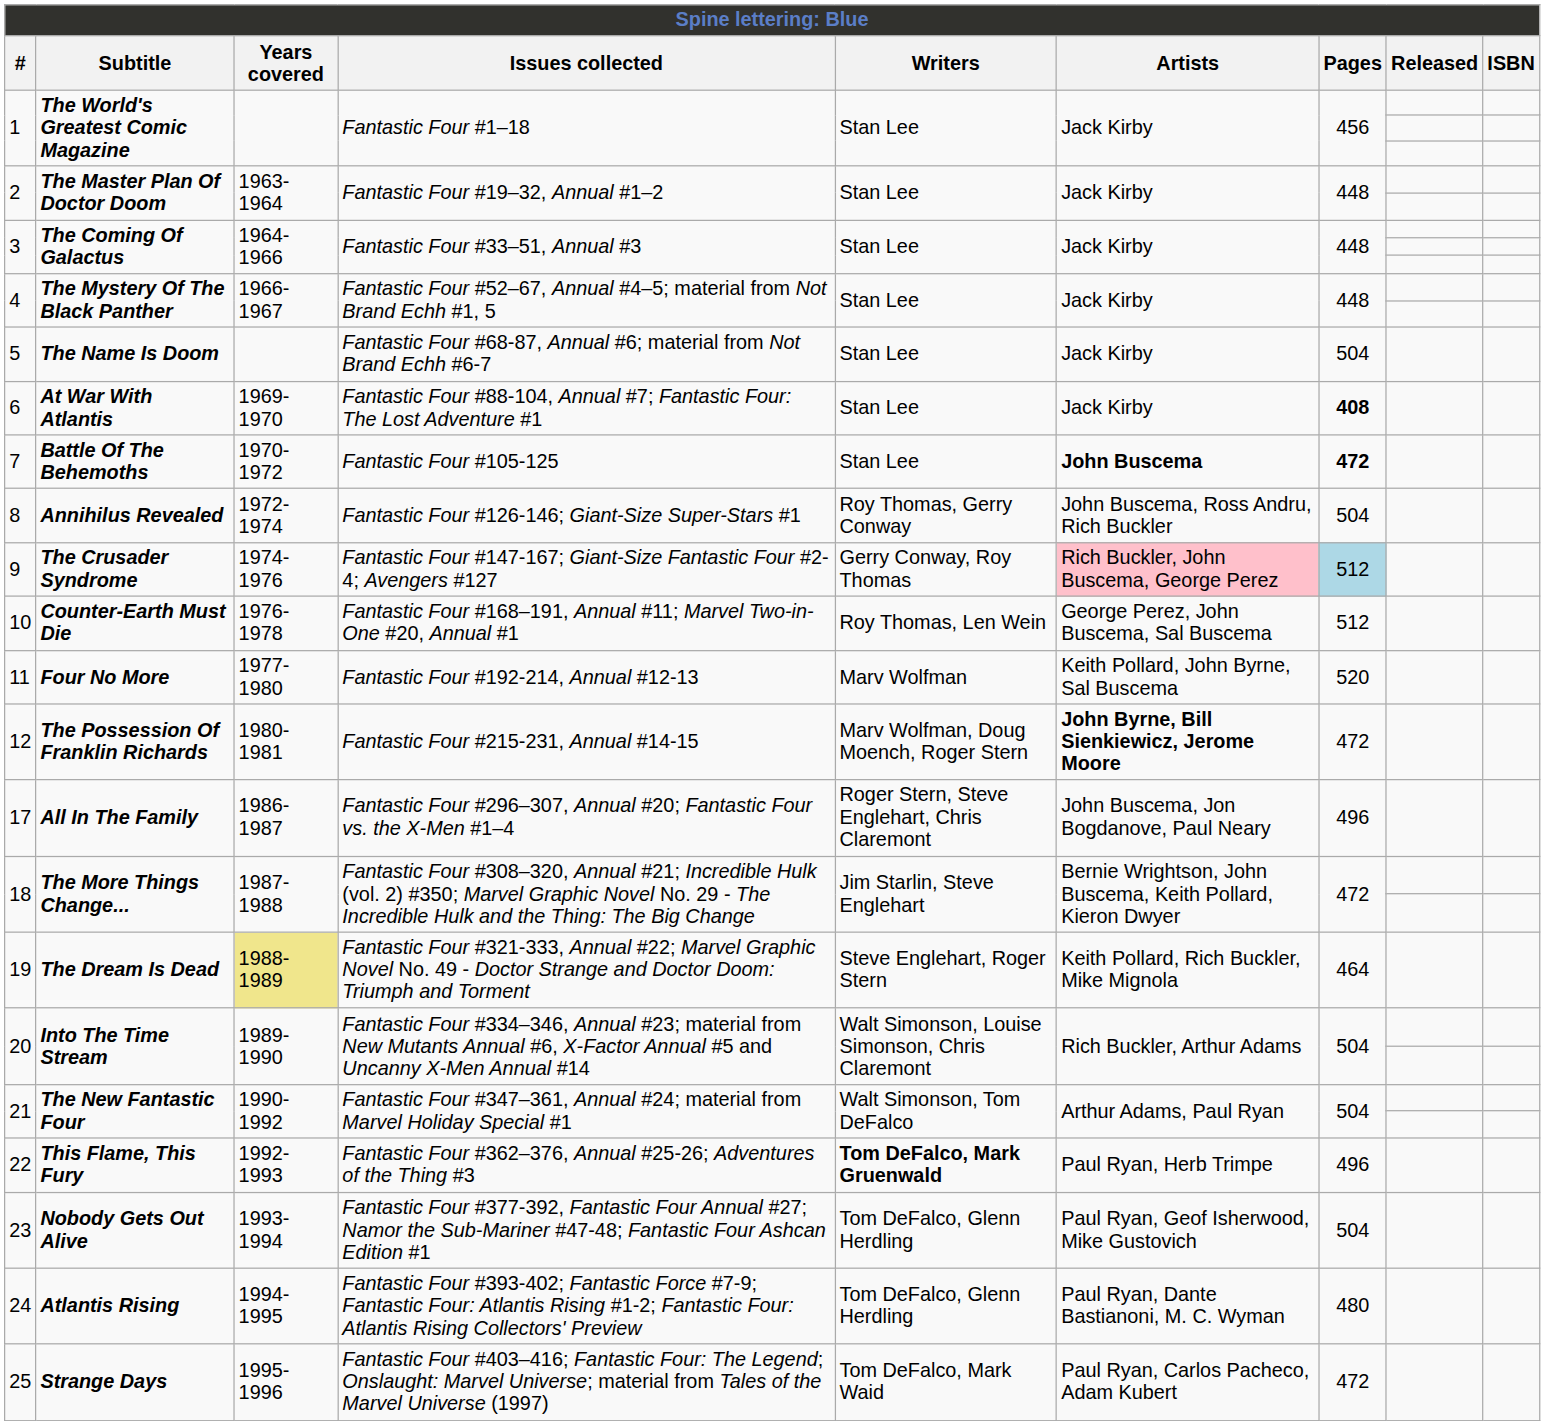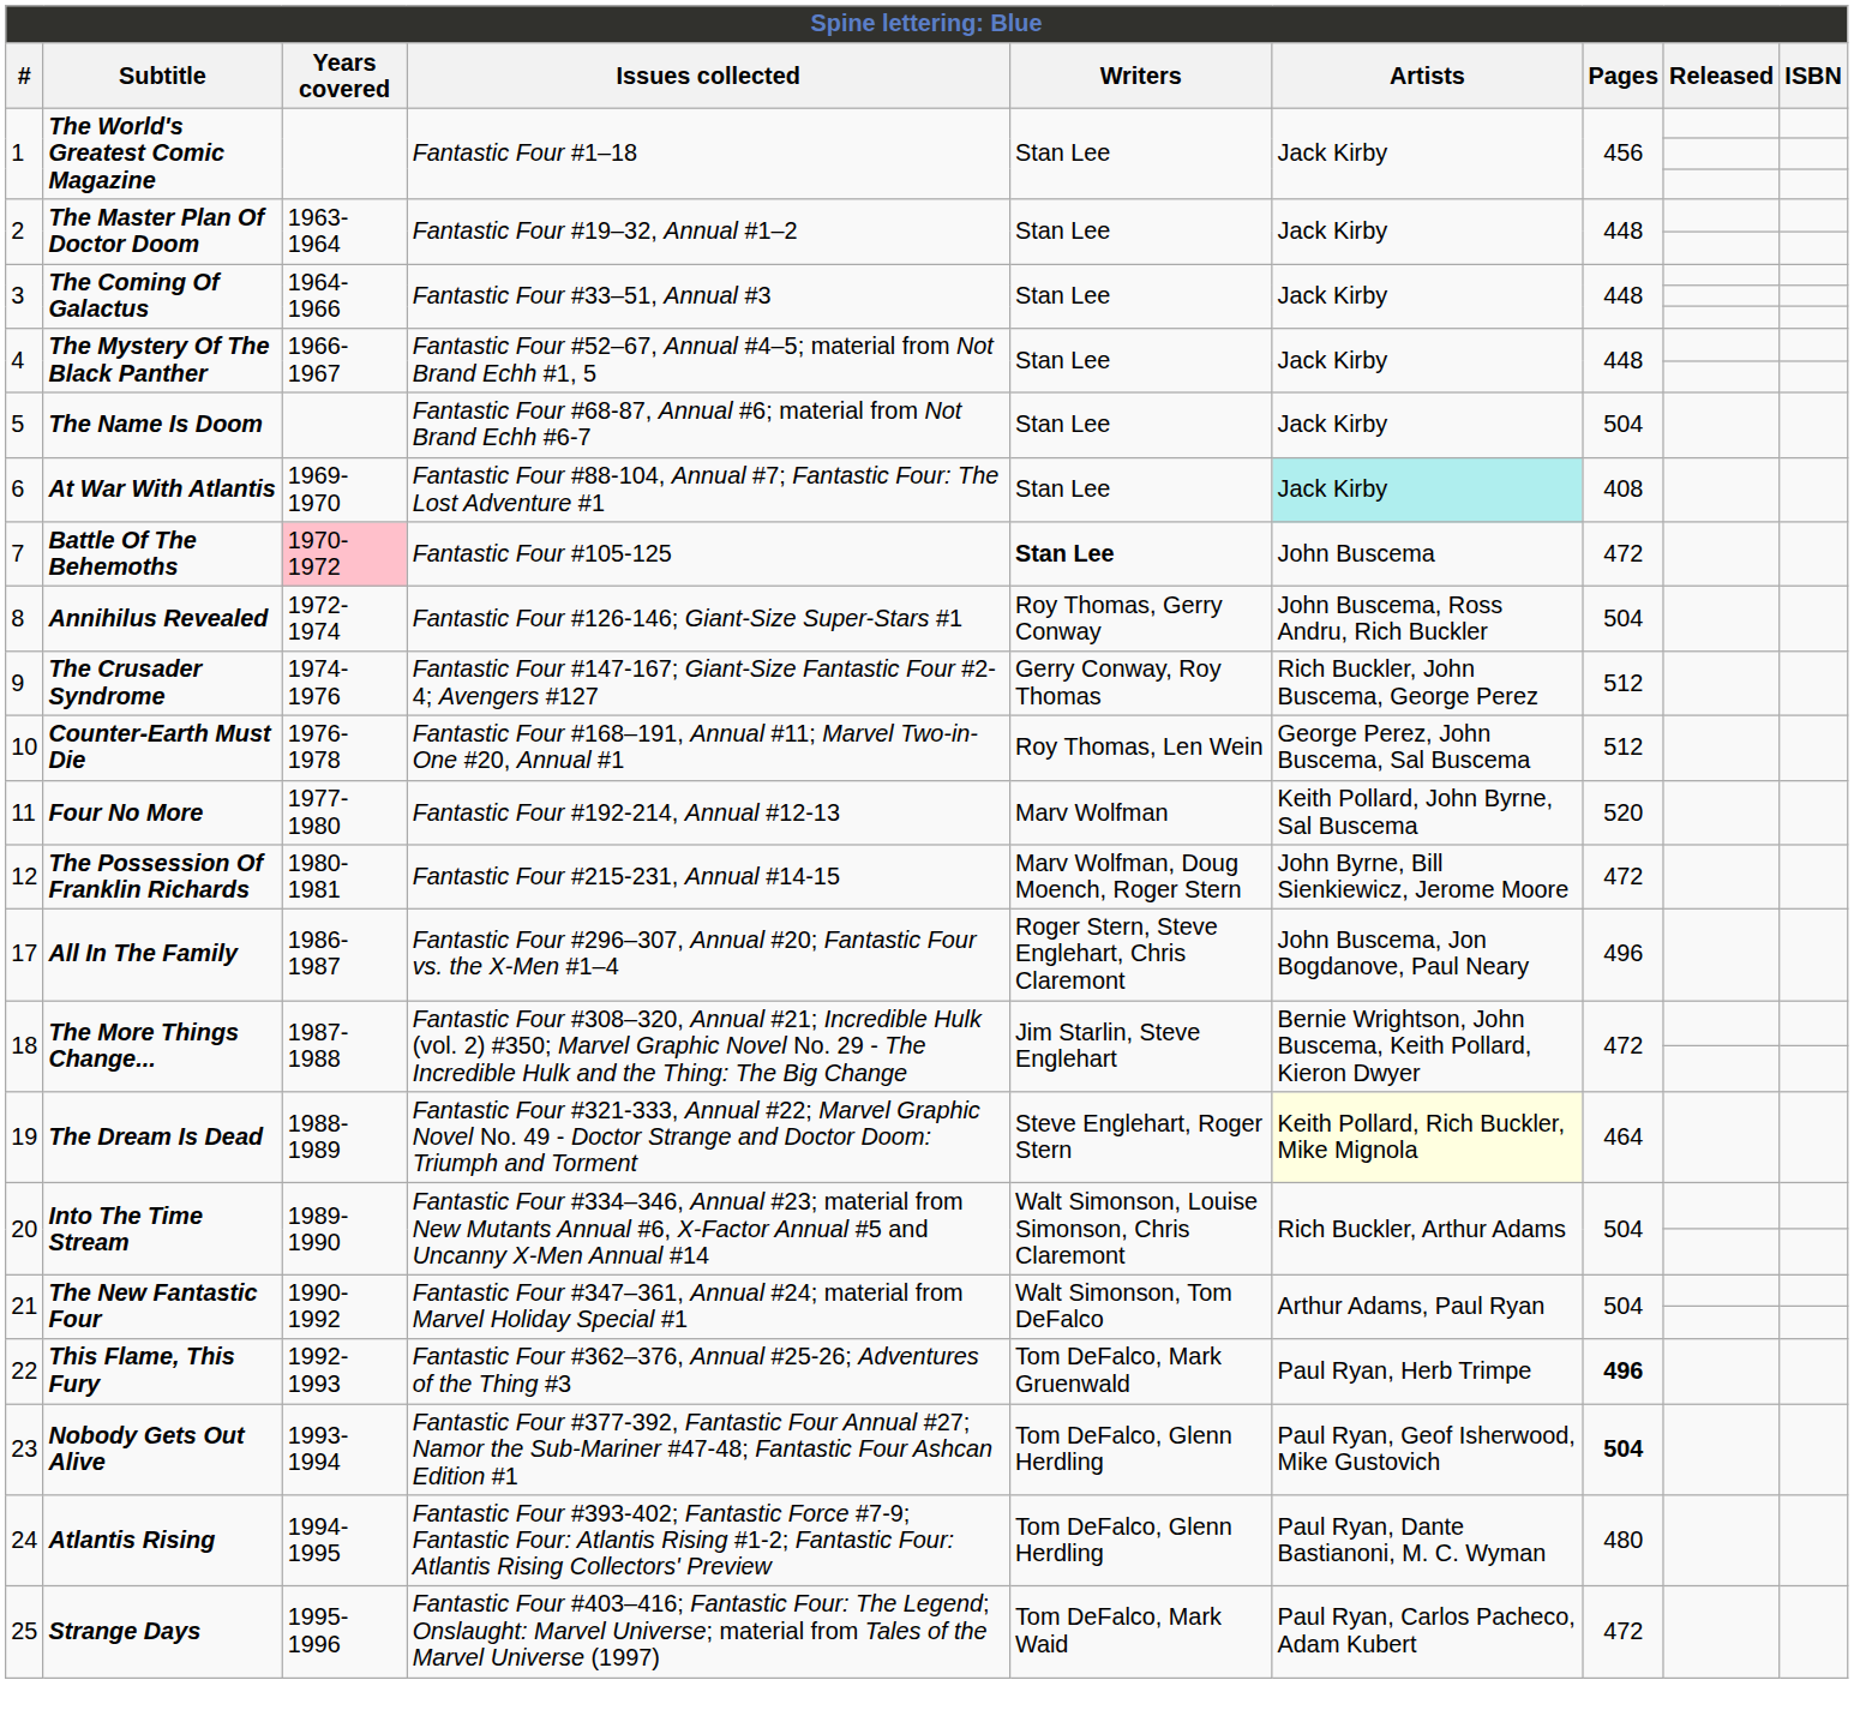 <table class="wikitable sortable" width=98%>
 <tr>
 <th colspan=9 style="background-color: #31312D; color: #5B7EC7;">Spine lettering: Blue</th>
 </tr>
 <tr>
 <th class="unsortable">#</th>
 <th class="unsortable">Subtitle</th>
 <th>Years covered</th>
 <th class="unsortable">Issues collected</th>
 <th class="unsortable">Writers</th>
 <th class="unsortable">Artists</th>
 <th class="unsortable">Pages</th>
 <th>Released</th>
 <th class="unsortable">ISBN</th>
 </tr>
 <tr>
 <td rowspan=3>1</td>
 <td rowspan=3><strong><em>The World's Greatest Comic Magazine</em></strong></td>
 <td rowspan=3></td>
 <td rowspan=3><em>Fantastic Four</em> #1–18</td>
 <td rowspan=3>Stan Lee</td>
 <td rowspan=3>Jack Kirby</td>
 <td style="text-align: center;" rowspan=3>456</td>
 <td></td>
 <td></td>
 </tr>
 <tr>
 <td></td>
 <td></td>
 </tr>
 <tr>
 <td></td>
 <td></td>
 </tr>
 <tr>
 <td rowspan=2>2</td>
 <td rowspan=2><strong><em>The Master Plan Of Doctor Doom</em></strong></td>
 <td rowspan=2>1963-1964</td>
 <td rowspan=2><em>Fantastic Four</em> #19–32, <em>Annual</em> #1–2</td>
 <td rowspan=2>Stan Lee</td>
 <td rowspan=2>Jack Kirby</td>
 <td style="text-align: center;" rowspan=2>448</td>
 <td></td>
 <td></td>
 </tr>
 <tr>
 <td></td>
 <td></td>
 </tr>
 <tr>
 <td rowspan=3>3</td>
 <td rowspan=3><strong><em>The Coming Of Galactus</em></strong></td>
 <td rowspan=3>1964-1966</td>
 <td rowspan=3><em>Fantastic Four</em> #33–51, <em>Annual</em> #3</td>
 <td rowspan=3>Stan Lee</td>
 <td rowspan=3>Jack Kirby</td>
 <td style="text-align: center;" rowspan=3>448</td>
 <td></td>
 <td></td>
 </tr>
 <tr>
 <td></td>
 <td></td>
 </tr>
 <tr>
 <td></td>
 <td></td>
 </tr>
 <tr>
 <td rowspan=2>4</td>
 <td rowspan=2><strong><em>The Mystery Of The Black Panther</em></strong></td>
 <td rowspan=2>1966-1967</td>
 <td rowspan=2><em>Fantastic Four</em> #52–67, <em>Annual</em> #4–5; material from <em>Not Brand Echh</em> #1, 5</td>
 <td rowspan=2>Stan Lee</td>
 <td rowspan=2>Jack Kirby</td>
 <td style="text-align: center;" rowspan=2>448</td>
 <td></td>
 <td></td>
 </tr>
 <tr>
 <td></td>
 <td></td>
 </tr>
 <tr>
 <td>5</td>
 <td><strong><em>The Name Is Doom</em></strong></td>
 <td></td>
 <td><em>Fantastic Four</em> #68-87, <em>Annual</em> #6; material from <em>Not Brand Echh</em> #6-7</td>
 <td>Stan Lee</td>
 <td>Jack Kirby</td>
 <td style="text-align: center;">504</td>
 <td></td>
 <td></td>
 </tr>
 <tr>
 <td>6</td>
 <td><strong><em>At War With Atlantis</em></strong></td>
 <td>1969-1970</td>
 <td><em>Fantastic Four</em> #88-104, <em>Annual</em> #7; <em>Fantastic Four: The Lost Adventure</em> #1</td>
 <td>Stan Lee</td>
-<td>Jack Kirby</td>
-<td style="text-align: center;"><strong>408</strong></td>
+<td style="background: paleturquoise;">Jack Kirby</td>
+<td style="text-align: center;">408</td>
 <td></td>
 <td></td>
 </tr>
 <tr>
 <td>7</td>
 <td><strong><em>Battle Of The Behemoths</em></strong></td>
-<td>1970-1972</td>
+<td style="background: pink;">1970-1972</td>
 <td><em>Fantastic Four</em> #105-125</td>
-<td>Stan Lee</td>
-<td><strong>John Buscema</strong></td>
-<td style="text-align: center;"><strong>472</strong></td>
+<td><strong>Stan Lee</strong></td>
+<td>John Buscema</td>
+<td style="text-align: center;">472</td>
 <td></td>
 <td></td>
 </tr>
 <tr>
 <td>8</td>
 <td><strong><em>Annihilus Revealed</em></strong></td>
 <td>1972-1974</td>
 <td><em>Fantastic Four</em> #126-146; <em>Giant-Size Super-Stars</em> #1</td>
 <td>Roy Thomas, Gerry Conway</td>
 <td>John Buscema, Ross Andru, Rich Buckler</td>
 <td style="text-align: center;">504</td>
 <td></td>
 <td></td>
 </tr>
 <tr>
 <td>9</td>
 <td><strong><em>The Crusader Syndrome</em></strong></td>
 <td>1974-1976</td>
 <td><em>Fantastic Four</em> #147-167; <em>Giant-Size Fantastic Four</em> #2-4; <em>Avengers</em> #127</td>
 <td>Gerry Conway, Roy Thomas</td>
-<td style="background: pink;">Rich Buckler, John Buscema, George Perez</td>
-<td style="background: lightblue; text-align: center;">512</td>
+<td>Rich Buckler, John Buscema, George Perez</td>
+<td style="text-align: center;">512</td>
 <td></td>
 <td></td>
 </tr>
 <tr>
 <td>10</td>
 <td><strong><em>Counter-Earth Must Die</em></strong></td>
 <td>1976-1978</td>
 <td><em>Fantastic Four</em> #168–191, <em>Annual</em> #11; <em>Marvel Two-in-One</em> #20, <em>Annual</em> #1</td>
 <td>Roy Thomas, Len Wein</td>
 <td>George Perez, John Buscema, Sal Buscema</td>
 <td style="text-align: center;">512</td>
 <td></td>
 <td></td>
 </tr>
 <tr>
 <td>11</td>
 <td><strong><em>Four No More</em></strong></td>
 <td>1977-1980</td>
 <td><em>Fantastic Four</em> #192-214, <em>Annual</em> #12-13</td>
 <td>Marv Wolfman</td>
 <td>Keith Pollard, John Byrne, Sal Buscema</td>
 <td style="text-align: center;">520</td>
 <td></td>
 <td></td>
 </tr>
 <tr>
 <td>12</td>
 <td><strong><em>The Possession Of Franklin Richards</em></strong></td>
 <td>1980-1981</td>
 <td><em>Fantastic Four</em> #215-231, <em>Annual</em> #14-15</td>
 <td>Marv Wolfman, Doug Moench, Roger Stern</td>
-<td><strong>John Byrne, Bill Sienkiewicz, Jerome Moore</strong></td>
+<td>John Byrne, Bill Sienkiewicz, Jerome Moore</td>
 <td style="text-align: center;">472</td>
 <td></td>
 <td></td>
 </tr>
 <tr>
 <td>17</td>
 <td><strong><em>All In The Family</em></strong></td>
 <td>1986-1987</td>
 <td><em>Fantastic Four</em> #296–307, <em>Annual</em> #20; <em>Fantastic Four vs. the X-Men</em> #1–4</td>
 <td>Roger Stern, Steve Englehart, Chris Claremont</td>
 <td>John Buscema, Jon Bogdanove, Paul Neary</td>
 <td style="text-align: center;">496</td>
 <td></td>
 <td></td>
 </tr>
 <tr>
 <td rowspan=2>18</td>
 <td rowspan=2><strong><em>The More Things Change...</em></strong></td>
 <td rowspan=2>1987-1988</td>
 <td rowspan=2><em>Fantastic Four</em> #308–320, <em>Annual</em> #21; <em>Incredible Hulk</em> (vol. 2) #350; <em>Marvel Graphic Novel</em> No. 29 - <em>The Incredible Hulk and the Thing: The Big Change</em></td>
 <td rowspan=2>Jim Starlin, Steve Englehart</td>
 <td rowspan=2>Bernie Wrightson, John Buscema, Keith Pollard, Kieron Dwyer</td>
 <td style="text-align: center;" rowspan=2>472</td>
 <td></td>
 <td></td>
 </tr>
 <tr>
 <td></td>
 <td></td>
 </tr>
 <tr>
 <td>19</td>
 <td><strong><em>The Dream Is Dead</em></strong></td>
-<td style="background: khaki;">1988-1989</td>
+<td>1988-1989</td>
 <td><em>Fantastic Four</em> #321-333, <em>Annual</em> #22; <em>Marvel Graphic Novel</em> No. 49 - <em>Doctor Strange and Doctor Doom: Triumph and Torment</em></td>
 <td>Steve Englehart, Roger Stern</td>
-<td>Keith Pollard, Rich Buckler, Mike Mignola</td>
+<td style="background: lightyellow;">Keith Pollard, Rich Buckler, Mike Mignola</td>
 <td style="text-align: center;">464</td>
 <td></td>
 <td></td>
 </tr>
 <tr>
 <td rowspan=2>20</td>
 <td rowspan=2><strong><em>Into The Time Stream</em></strong></td>
 <td rowspan=2>1989-1990</td>
 <td rowspan=2><em>Fantastic Four</em> #334–346, <em>Annual</em> #23; material from <em>New Mutants Annual</em> #6, <em>X-Factor Annual</em> #5 and <em>Uncanny X-Men Annual</em> #14</td>
 <td rowspan=2>Walt Simonson, Louise Simonson, Chris Claremont</td>
 <td rowspan=2>Rich Buckler, Arthur Adams</td>
 <td style="text-align: center;" rowspan=2>504</td>
 <td></td>
 <td></td>
 </tr>
 <tr>
 <td></td>
 <td></td>
 </tr>
 <tr>
 <td rowspan=2>21</td>
 <td rowspan=2><strong><em>The New Fantastic Four</em></strong></td>
 <td rowspan=2>1990-1992</td>
 <td rowspan=2><em>Fantastic Four</em> #347–361, <em>Annual</em> #24; material from <em>Marvel Holiday Special</em> #1</td>
 <td rowspan=2>Walt Simonson, Tom DeFalco</td>
 <td rowspan=2>Arthur Adams, Paul Ryan</td>
 <td style="text-align: center;" rowspan=2>504</td>
 <td></td>
 <td></td>
 </tr>
 <tr>
 <td></td>
 <td></td>
 </tr>
 <tr>
 <td>22</td>
 <td><strong><em>This Flame, This Fury</em></strong></td>
 <td>1992-1993</td>
 <td><em>Fantastic Four</em> #362–376, <em>Annual</em> #25-26; <em>Adventures of the Thing</em> #3</td>
-<td><strong>Tom DeFalco, Mark Gruenwald</strong></td>
+<td>Tom DeFalco, Mark Gruenwald</td>
 <td>Paul Ryan, Herb Trimpe</td>
-<td style="text-align: center;">496</td>
+<td style="text-align: center;"><strong>496</strong></td>
 <td></td>
 <td></td>
 </tr>
 <tr>
 <td>23</td>
 <td><strong><em>Nobody Gets Out Alive</em></strong></td>
 <td>1993-1994</td>
 <td><em>Fantastic Four</em> #377-392, <em>Fantastic Four Annual</em> #27; <em>Namor the Sub-Mariner</em> #47-48; <em>Fantastic Four Ashcan Edition</em> #1</td>
 <td>Tom DeFalco, Glenn Herdling</td>
 <td>Paul Ryan, Geof Isherwood, Mike Gustovich</td>
-<td style="text-align: center;">504</td>
+<td style="text-align: center;"><strong>504</strong></td>
 <td></td>
 <td></td>
 </tr>
 <tr>
 <td>24</td>
 <td><strong><em>Atlantis Rising</em></strong></td>
 <td>1994-1995</td>
 <td><em>Fantastic Four</em> #393-402; <em>Fantastic Force</em> #7-9; <em>Fantastic Four: Atlantis Rising</em> #1-2; <em>Fantastic Four: Atlantis Rising Collectors' Preview</em></td>
 <td>Tom DeFalco, Glenn Herdling</td>
 <td>Paul Ryan, Dante Bastianoni, M. C. Wyman</td>
 <td style="text-align: center;">480</td>
 <td></td>
 <td></td>
 </tr>
 <tr>
 <td>25</td>
 <td><strong><em>Strange Days</em></strong></td>
 <td>1995-1996</td>
 <td><em>Fantastic Four</em> #403–416; <em>Fantastic Four: The Legend</em>; <em>Onslaught: Marvel Universe</em>; material from <em>Tales of the Marvel Universe</em> (1997)</td>
 <td>Tom DeFalco, Mark Waid</td>
 <td>Paul Ryan, Carlos Pacheco, Adam Kubert</td>
 <td style="text-align: center;">472</td>
 <td></td>
 <td></td>
 </tr>
 </table>
